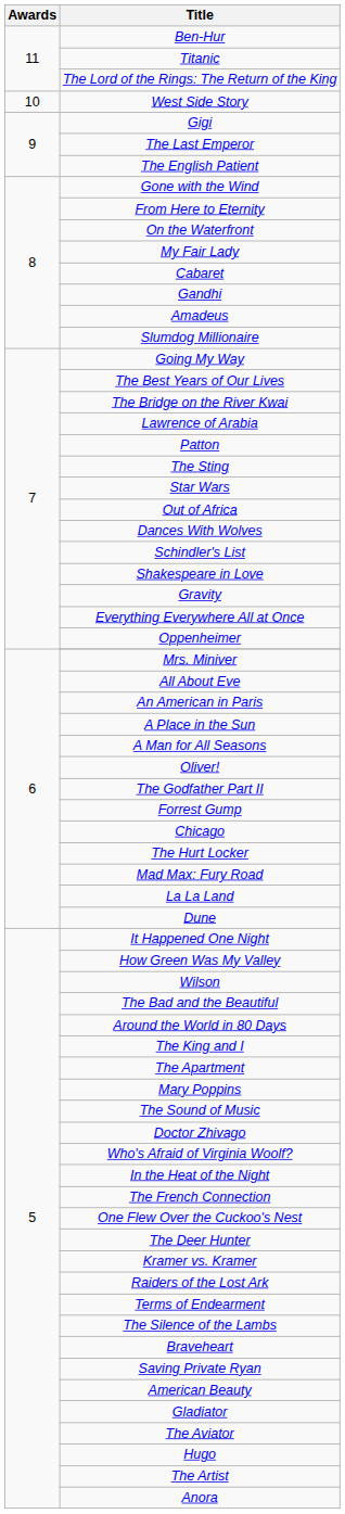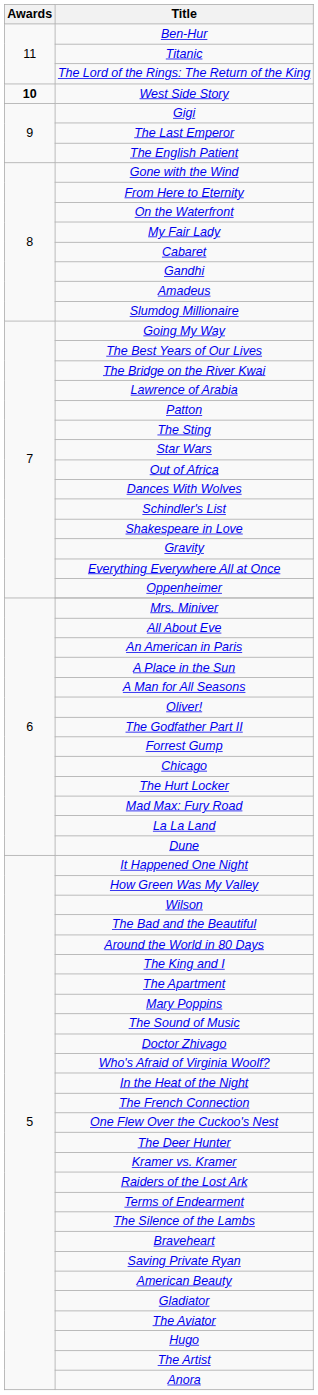 <table class="wikitable" style="text-align: center;">
 <tr>
 <th scope="col" width="56">Awards</th>
 <th scope="col" align="center">Title</th>
 </tr>
 <tr>
 <td rowspan="3" style="text-align:center">11</td>
 <td><em><a href='#'>Ben-Hur</a></em></td>
 </tr>
 <tr>
 <td><em><a href='#'>Titanic</a></em></td>
 </tr>
 <tr>
 <td><em><a href='#'>The Lord of the Rings: The Return of the King</a></em></td>
 </tr>
 <tr>
-<td style="text-align:center">10</td>
+<td style="text-align:center"><strong>10</strong></td>
 <td><em><a href='#'>West Side Story</a></em></td>
 </tr>
 <tr>
 <td rowspan="3" style="text-align:center">9</td>
 <td><em><a href='#'>Gigi</a></em></td>
 </tr>
 <tr>
 <td><em><a href='#'>The Last Emperor</a></em></td>
 </tr>
 <tr>
 <td><em><a href='#'>The English Patient</a></em></td>
 </tr>
 <tr>
 <td rowspan="8" style="text-align:center">8</td>
 <td><em><a href='#'>Gone with the Wind</a></em></td>
 </tr>
 <tr>
 <td><em><a href='#'>From Here to Eternity</a></em></td>
 </tr>
 <tr>
 <td><em><a href='#'>On the Waterfront</a></em></td>
 </tr>
 <tr>
 <td><em><a href='#'>My Fair Lady</a></em></td>
 </tr>
 <tr>
 <td><em><a href='#'>Cabaret</a></em></td>
 </tr>
 <tr>
 <td><em><a href='#'>Gandhi</a></em></td>
 </tr>
 <tr>
 <td><em><a href='#'>Amadeus</a></em></td>
 </tr>
 <tr>
 <td><em><a href='#'>Slumdog Millionaire</a></em></td>
 </tr>
 <tr>
 <td rowspan="14" style="text-align:center">7</td>
 <td><em><a href='#'>Going My Way</a></em></td>
 </tr>
 <tr>
 <td><em><a href='#'>The Best Years of Our Lives</a></em></td>
 </tr>
 <tr>
 <td><em><a href='#'>The Bridge on the River Kwai</a></em></td>
 </tr>
 <tr>
 <td><em><a href='#'>Lawrence of Arabia</a></em></td>
 </tr>
 <tr>
 <td><em><a href='#'>Patton</a></em></td>
 </tr>
 <tr>
 <td><em><a href='#'>The Sting</a></em></td>
 </tr>
 <tr>
 <td><em><a href='#'>Star Wars</a></em></td>
 </tr>
 <tr>
 <td><em><a href='#'>Out of Africa</a></em></td>
 </tr>
 <tr>
 <td><em><a href='#'>Dances With Wolves</a></em></td>
 </tr>
 <tr>
 <td><em><a href='#'>Schindler's List</a></em></td>
 </tr>
 <tr>
 <td><em><a href='#'>Shakespeare in Love</a></em></td>
 </tr>
 <tr>
 <td><em><a href='#'>Gravity</a></em></td>
 </tr>
 <tr>
 <td><em><a href='#'>Everything Everywhere All at Once</a></em></td>
 </tr>
 <tr>
 <td><em><a href='#'>Oppenheimer</a></em></td>
 </tr>
 <tr>
 <td rowspan="14" style="text-align:center">6</td>
 </tr>
 <tr>
 <td><em><a href='#'>Mrs. Miniver</a></em></td>
 </tr>
 <tr>
 <td><em><a href='#'>All About Eve</a></em></td>
 </tr>
 <tr>
 <td><em><a href='#'>An American in Paris</a></em></td>
 </tr>
 <tr>
 <td><em><a href='#'>A Place in the Sun</a></em></td>
 </tr>
 <tr>
 <td><em><a href='#'>A Man for All Seasons</a></em></td>
 </tr>
 <tr>
 <td><em><a href='#'>Oliver!</a></em></td>
 </tr>
 <tr>
 <td><em><a href='#'>The Godfather Part II</a></em></td>
 </tr>
 <tr>
 <td><em><a href='#'>Forrest Gump</a></em></td>
 </tr>
 <tr>
 <td><em><a href='#'>Chicago</a></em></td>
 </tr>
 <tr>
 <td><em><a href='#'>The Hurt Locker</a></em></td>
 </tr>
 <tr>
 <td><em><a href='#'>Mad Max: Fury Road</a></em></td>
 </tr>
 <tr>
 <td><em><a href='#'>La La Land</a></em></td>
 </tr>
 <tr>
 <td><em><a href='#'>Dune</a></em></td>
 </tr>
 <tr>
 <td rowspan="27" style="text-align:center">5</td>
 <td><em><a href='#'>It Happened One Night</a></em></td>
 </tr>
 <tr>
 <td><em><a href='#'>How Green Was My Valley</a></em></td>
 </tr>
 <tr>
 <td><em><a href='#'>Wilson</a></em></td>
 </tr>
 <tr>
 <td><em><a href='#'>The Bad and the Beautiful</a></em></td>
 </tr>
 <tr>
 <td><em><a href='#'>Around the World in 80 Days</a></em></td>
 </tr>
 <tr>
 <td><em><a href='#'>The King and I</a></em></td>
 </tr>
 <tr>
 <td><em><a href='#'>The Apartment</a></em></td>
 </tr>
 <tr>
 <td><em><a href='#'>Mary Poppins</a></em></td>
 </tr>
 <tr>
 <td><em><a href='#'>The Sound of Music</a></em></td>
 </tr>
 <tr>
 <td><em><a href='#'>Doctor Zhivago</a></em></td>
 </tr>
 <tr>
 <td><em><a href='#'>Who's Afraid of Virginia Woolf?</a></em></td>
 </tr>
 <tr>
 <td><em><a href='#'>In the Heat of the Night</a></em></td>
 </tr>
 <tr>
 <td><em><a href='#'>The French Connection</a></em></td>
 </tr>
 <tr>
 <td><em><a href='#'>One Flew Over the Cuckoo's Nest</a></em></td>
 </tr>
 <tr>
 <td><em><a href='#'>The Deer Hunter</a></em></td>
 </tr>
 <tr>
 <td><em><a href='#'>Kramer vs. Kramer</a></em></td>
 </tr>
 <tr>
 <td><em><a href='#'>Raiders of the Lost Ark</a></em></td>
 </tr>
 <tr>
 <td><em><a href='#'>Terms of Endearment</a></em></td>
 </tr>
 <tr>
 <td><em><a href='#'>The Silence of the Lambs</a></em></td>
 </tr>
 <tr>
 <td><em><a href='#'>Braveheart</a></em></td>
 </tr>
 <tr>
 <td><em><a href='#'>Saving Private Ryan</a></em></td>
 </tr>
 <tr>
 <td><em><a href='#'>American Beauty</a></em></td>
 </tr>
 <tr>
 <td><em><a href='#'>Gladiator</a></em></td>
 </tr>
 <tr>
 <td><em><a href='#'>The Aviator</a></em></td>
 </tr>
 <tr>
 <td><em><a href='#'>Hugo</a></em></td>
 </tr>
 <tr>
 <td><em><a href='#'>The Artist</a></em></td>
 </tr>
 <tr>
 <td><em><a href='#'>Anora</a></em></td>
 </tr>
 </table>
